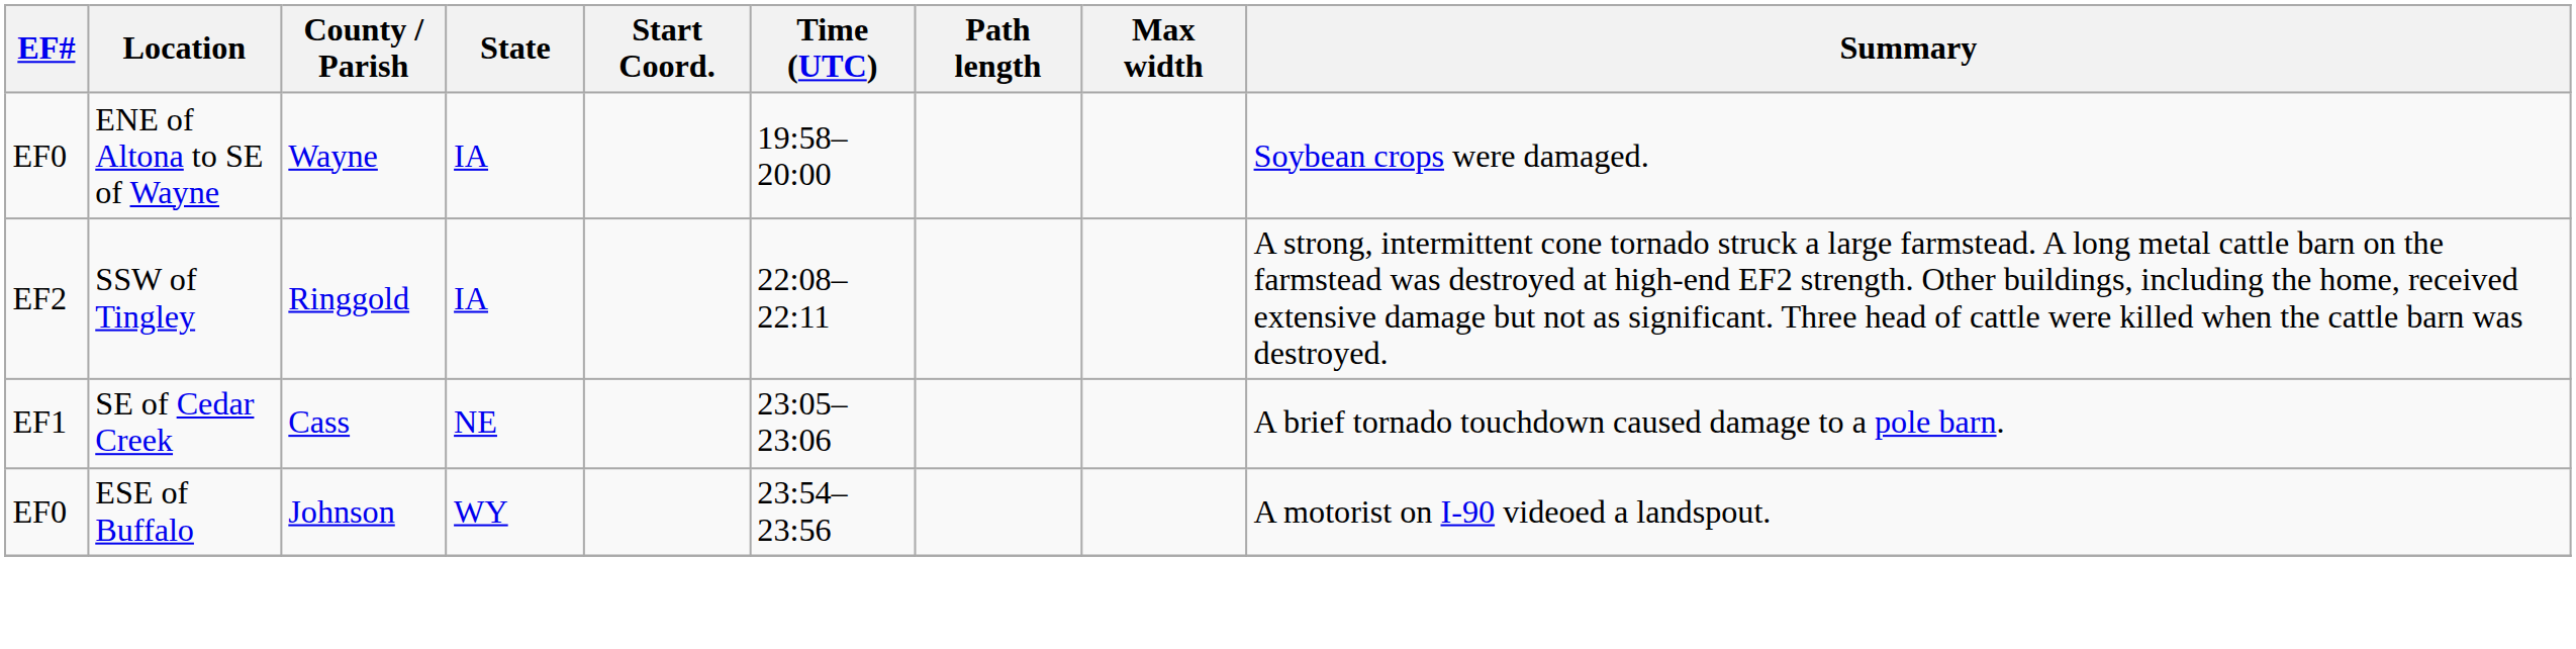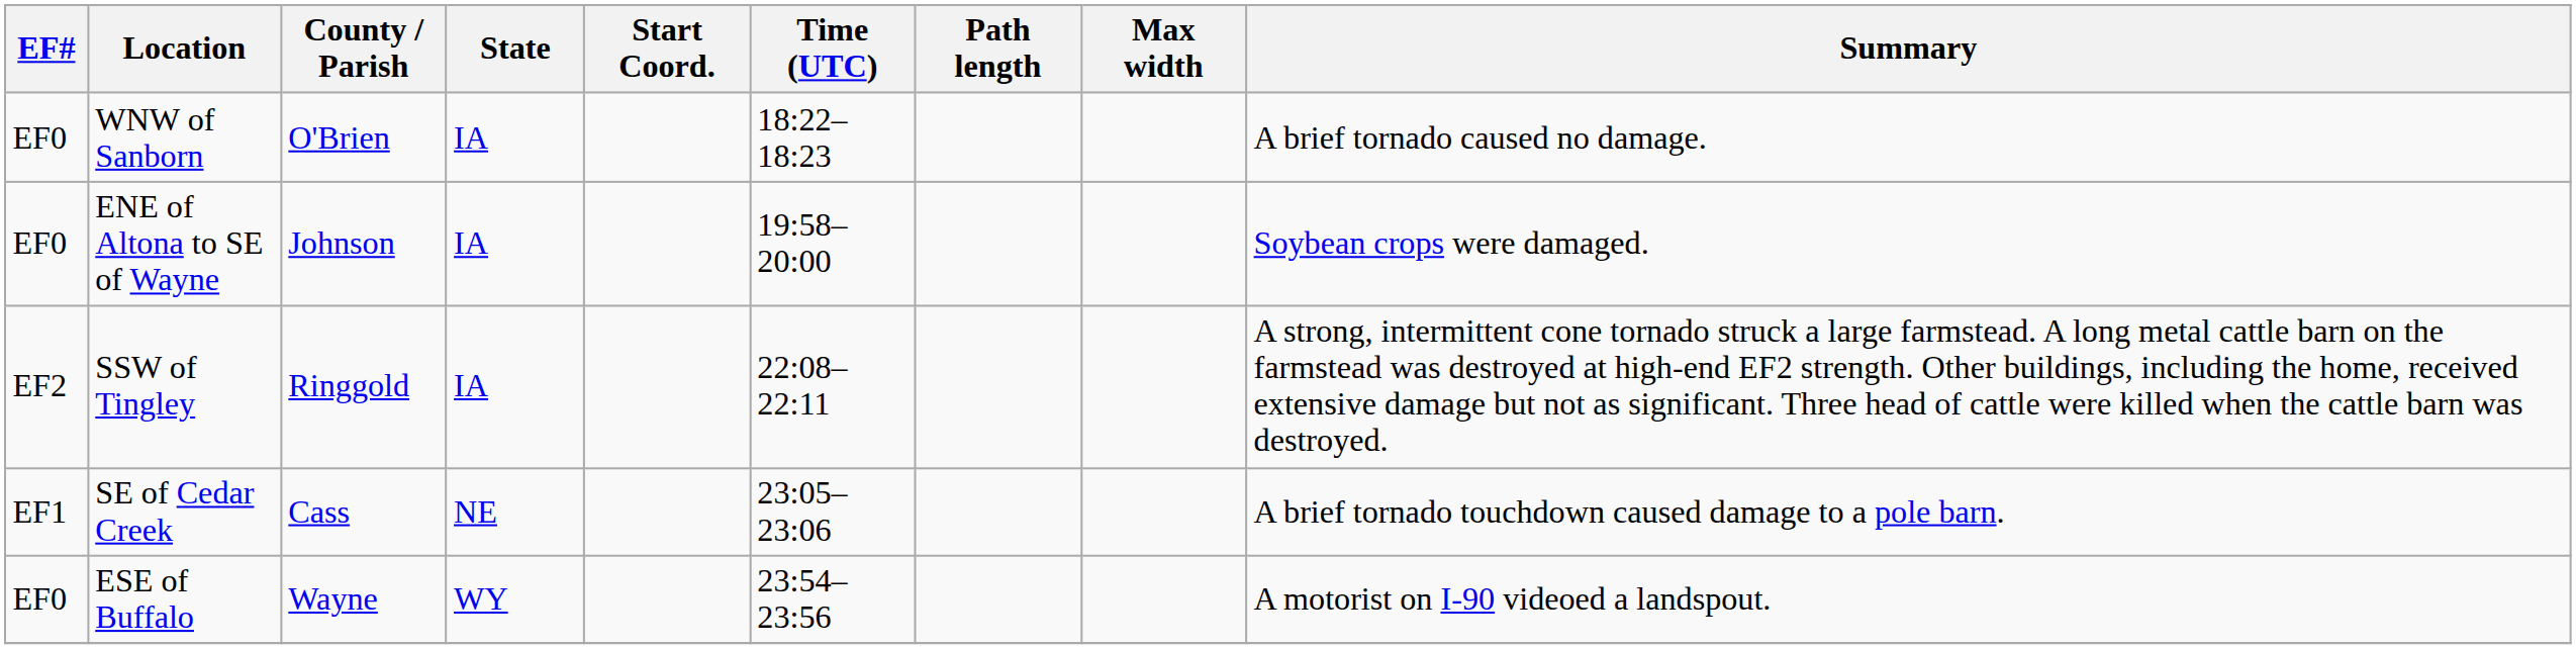 <table class="wikitable sortable" style="width:100%;">
 <tr>
 <th scope="col"  style="width:3%; text-align:center;"><a href='#'>EF#</a></th>
 <th scope="col"  style="width:7%; text-align:center;" class="unsortable">Location</th>
 <th scope="col"  style="width:6%; text-align:center;" class="unsortable">County / Parish</th>
 <th scope="col"  style="width:5%; text-align:center;">State</th>
 <th scope="col"  style="width:6%; text-align:center;">Start Coord.</th>
 <th scope="col"  style="width:6%; text-align:center;">Time (<a href='#'>UTC</a>)</th>
 <th scope="col"  style="width:6%; text-align:center;">Path length</th>
 <th scope="col"  style="width:6%; text-align:center;">Max width</th>
 <th scope="col" class="unsortable" style="width:48%; text-align:center;">Summary</th>
 </tr>
 <tr>
 <td>EF0</td>
+<td>WNW of <a href='#'>Sanborn</a></td>
+<td><a href='#'>O'Brien</a></td>
+<td><a href='#'>IA</a></td>
+<td></td>
+<td>18:22–18:23</td>
+<td></td>
+<td></td>
+<td>A brief tornado caused no damage.</td>
+</tr>
+<tr>
+<td>EF0</td>
 <td>ENE of <a href='#'>Altona</a> to SE of <a href='#'>Wayne</a></td>
-<td><a href='#'>Wayne</a></td>
+<td><a href='#'>Johnson</a></td>
 <td><a href='#'>IA</a></td>
 <td></td>
 <td>19:58–20:00</td>
 <td></td>
 <td></td>
 <td><a href='#'>Soybean crops</a> were damaged.</td>
 </tr>
 <tr>
 <td>EF2</td>
 <td>SSW of <a href='#'>Tingley</a></td>
 <td><a href='#'>Ringgold</a></td>
 <td><a href='#'>IA</a></td>
 <td></td>
 <td>22:08–22:11</td>
 <td></td>
 <td></td>
 <td>A strong, intermittent cone tornado struck a large farmstead. A  long metal cattle barn on the farmstead was destroyed at high-end EF2 strength. Other buildings, including the home, received extensive damage but not as significant. Three head of cattle were killed when the cattle barn was destroyed.</td>
 </tr>
 <tr>
 <td>EF1</td>
 <td>SE of <a href='#'>Cedar Creek</a></td>
 <td><a href='#'>Cass</a></td>
 <td><a href='#'>NE</a></td>
 <td></td>
 <td>23:05–23:06</td>
 <td></td>
 <td></td>
 <td>A brief tornado touchdown caused damage to a <a href='#'>pole barn</a>.</td>
 </tr>
 <tr>
 <td>EF0</td>
 <td>ESE of <a href='#'>Buffalo</a></td>
-<td><a href='#'>Johnson</a></td>
+<td><a href='#'>Wayne</a></td>
 <td><a href='#'>WY</a></td>
 <td></td>
 <td>23:54–23:56</td>
 <td></td>
 <td></td>
 <td>A motorist on <a href='#'>I-90</a> videoed a landspout.</td>
 </tr>
 <tr>
 </tr>
 </table>
